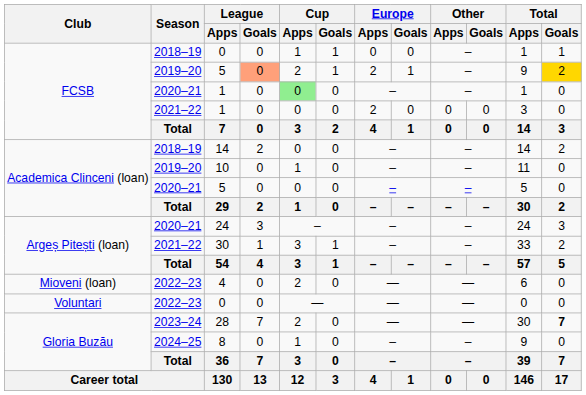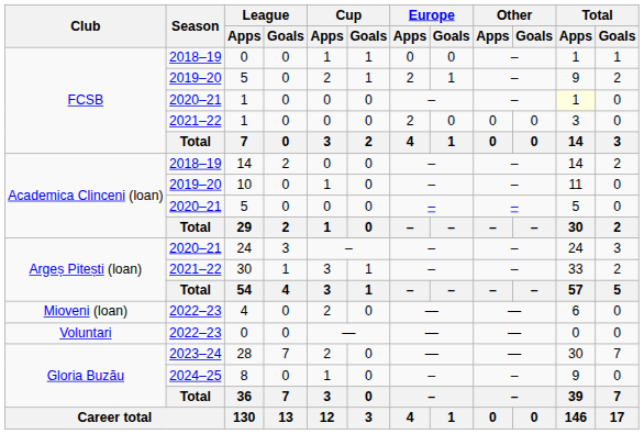 <table class="wikitable" style="text-align: center">
 <tr>
 <th rowspan="2">Club</th>
 <th rowspan="2">Season</th>
 <th colspan="2">League</th>
 <th colspan="2">Cup</th>
 <th colspan="2"><a href='#'>Europe</a></th>
 <th colspan="2">Other</th>
 <th colspan="3">Total</th>
 </tr>
 <tr>
 <th>Apps</th>
 <th>Goals</th>
 <th>Apps</th>
 <th>Goals</th>
 <th>Apps</th>
 <th>Goals</th>
 <th>Apps</th>
 <th>Goals</th>
 <th>Apps</th>
 <th>Goals</th>
 </tr>
 <tr>
 <td rowspan="5"><a href='#'>FCSB</a></td>
 <td><a href='#'>2018–19</a></td>
 <td>0</td>
 <td>0</td>
 <td>1</td>
 <td>1</td>
 <td>0</td>
 <td>0</td>
 <td colspan="2">–</td>
 <td>1</td>
 <td>1</td>
 </tr>
 <tr>
 <td><a href='#'>2019–20</a></td>
 <td>5</td>
-<td style="background: lightsalmon;">0</td>
+<td>0</td>
 <td>2</td>
 <td>1</td>
 <td>2</td>
 <td>1</td>
 <td colspan="2">–</td>
 <td>9</td>
-<td style="background: gold;">2</td>
+<td>2</td>
 </tr>
 <tr>
 <td><a href='#'>2020–21</a></td>
 <td>1</td>
 <td>0</td>
-<td style="background: lightgreen;">0</td>
+<td>0</td>
 <td>0</td>
 <td colspan="2">–</td>
 <td colspan="2">–</td>
-<td>1</td>
+<td style="background: lightyellow;">1</td>
 <td>0</td>
 </tr>
 <tr>
 <td><a href='#'>2021–22</a></td>
 <td>1</td>
 <td>0</td>
 <td>0</td>
 <td>0</td>
 <td>2</td>
 <td>0</td>
 <td>0</td>
 <td>0</td>
 <td>3</td>
 <td>0</td>
 </tr>
 <tr>
 <th>Total</th>
 <th>7</th>
 <th>0</th>
 <th>3</th>
 <th>2</th>
 <th>4</th>
 <th>1</th>
 <th>0</th>
 <th>0</th>
 <th>14</th>
 <th>3</th>
 </tr>
 <tr>
 <td rowspan="4"><a href='#'>Academica Clinceni</a> (loan)</td>
 <td><a href='#'>2018–19</a></td>
 <td>14</td>
 <td>2</td>
 <td>0</td>
 <td>0</td>
 <td colspan="2">–</td>
 <td colspan="2">–</td>
 <td>14</td>
 <td>2</td>
 </tr>
 <tr>
 <td><a href='#'>2019–20</a></td>
 <td>10</td>
 <td>0</td>
 <td>1</td>
 <td>0</td>
 <td colspan="2">–</td>
 <td colspan="2">–</td>
 <td>11</td>
 <td>0</td>
 </tr>
 <tr>
 <td><a href='#'>2020–21</a></td>
 <td>5</td>
 <td>0</td>
 <td>0</td>
 <td>0</td>
 <td colspan="2"><a href='#'>–</a></td>
 <td colspan="2"><a href='#'>–</a></td>
 <td>5</td>
 <td>0</td>
 </tr>
 <tr>
 <th>Total</th>
 <th>29</th>
 <th>2</th>
 <th>1</th>
 <th>0</th>
 <th>–</th>
 <th>–</th>
 <th>–</th>
 <th>–</th>
 <th>30</th>
 <th>2</th>
 </tr>
 <tr>
 <td rowspan="3"><a href='#'>Argeș Pitești</a> (loan)</td>
 <td><a href='#'>2020–21</a></td>
 <td>24</td>
 <td>3</td>
 <td colspan="2">–</td>
 <td colspan="2">–</td>
 <td colspan="2">–</td>
 <td>24</td>
 <td>3</td>
 </tr>
 <tr>
 <td><a href='#'>2021–22</a></td>
 <td>30</td>
 <td>1</td>
 <td>3</td>
 <td>1</td>
 <td colspan="2">–</td>
 <td colspan="2">–</td>
 <td>33</td>
 <td>2</td>
 </tr>
 <tr>
 <th>Total</th>
 <th>54</th>
 <th>4</th>
 <th>3</th>
 <th>1</th>
 <th>–</th>
 <th>–</th>
 <th>–</th>
 <th>–</th>
 <th>57</th>
 <th>5</th>
 </tr>
 <tr>
 <td><a href='#'>Mioveni</a> (loan)</td>
 <td><a href='#'>2022–23</a></td>
 <td>4</td>
 <td>0</td>
 <td>2</td>
 <td>0</td>
 <td colspan="2">—</td>
 <td colspan="2">—</td>
 <td>6</td>
 <td>0</td>
 </tr>
 <tr>
 <td><a href='#'>Voluntari</a></td>
 <td><a href='#'>2022–23</a></td>
 <td>0</td>
 <td>0</td>
 <td colspan="2">—</td>
 <td colspan="2">—</td>
 <td colspan="2">—</td>
 <td>0</td>
 <td>0</td>
 </tr>
 <tr>
 <td rowspan="3"><a href='#'>Gloria Buzău</a></td>
 <td><a href='#'>2023–24</a></td>
 <td>28</td>
 <td>7</td>
 <td>2</td>
 <td>0</td>
 <td colspan="2">—</td>
 <td colspan="2">—</td>
 <td>30</td>
-<td><strong>7</strong></td>
+<td>7</td>
 </tr>
 <tr>
 <td><a href='#'>2024–25</a></td>
 <td>8</td>
 <td>0</td>
 <td>1</td>
 <td>0</td>
 <td colspan="2">–</td>
 <td colspan="2">–</td>
 <td>9</td>
 <td>0</td>
 </tr>
 <tr>
 <th>Total</th>
 <th>36</th>
 <th>7</th>
 <th>3</th>
 <th>0</th>
 <th colspan="2">–</th>
 <th colspan="2">–</th>
 <th>39</th>
 <th>7</th>
 </tr>
 <tr>
 <th colspan="2">Career total</th>
 <th>130</th>
 <th>13</th>
 <th>12</th>
 <th>3</th>
 <th>4</th>
 <th>1</th>
 <th>0</th>
 <th>0</th>
 <th>146</th>
 <th>17</th>
 </tr>
 </table>
